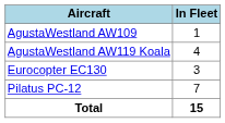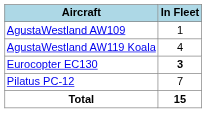 <table class="toccolours" border="1" cellpadding="3" style="margin:1em auto; white-space:nowrap; border-collapse:collapse">
 <tr bgcolor=lightblue>
 <th>Aircraft</th>
 <th>In Fleet</th>
 </tr>
 <tr>
 <td><a href='#'>AgustaWestland AW109</a></td>
 <td align="center">1</td>
 </tr>
 <tr>
 <td><a href='#'>AgustaWestland AW119 Koala</a></td>
 <td align="center">4</td>
 </tr>
 <tr>
 <td><a href='#'>Eurocopter EC130</a></td>
-<td align="center">3</td>
+<td align="center"><strong>3</strong></td>
 </tr>
 <tr>
 <td><a href='#'>Pilatus PC-12</a></td>
 <td align="center">7</td>
 </tr>
 <tr>
 <td align="center"><strong>Total</strong></td>
 <td align="center"><strong>15</strong></td>
 </tr>
 </table>
